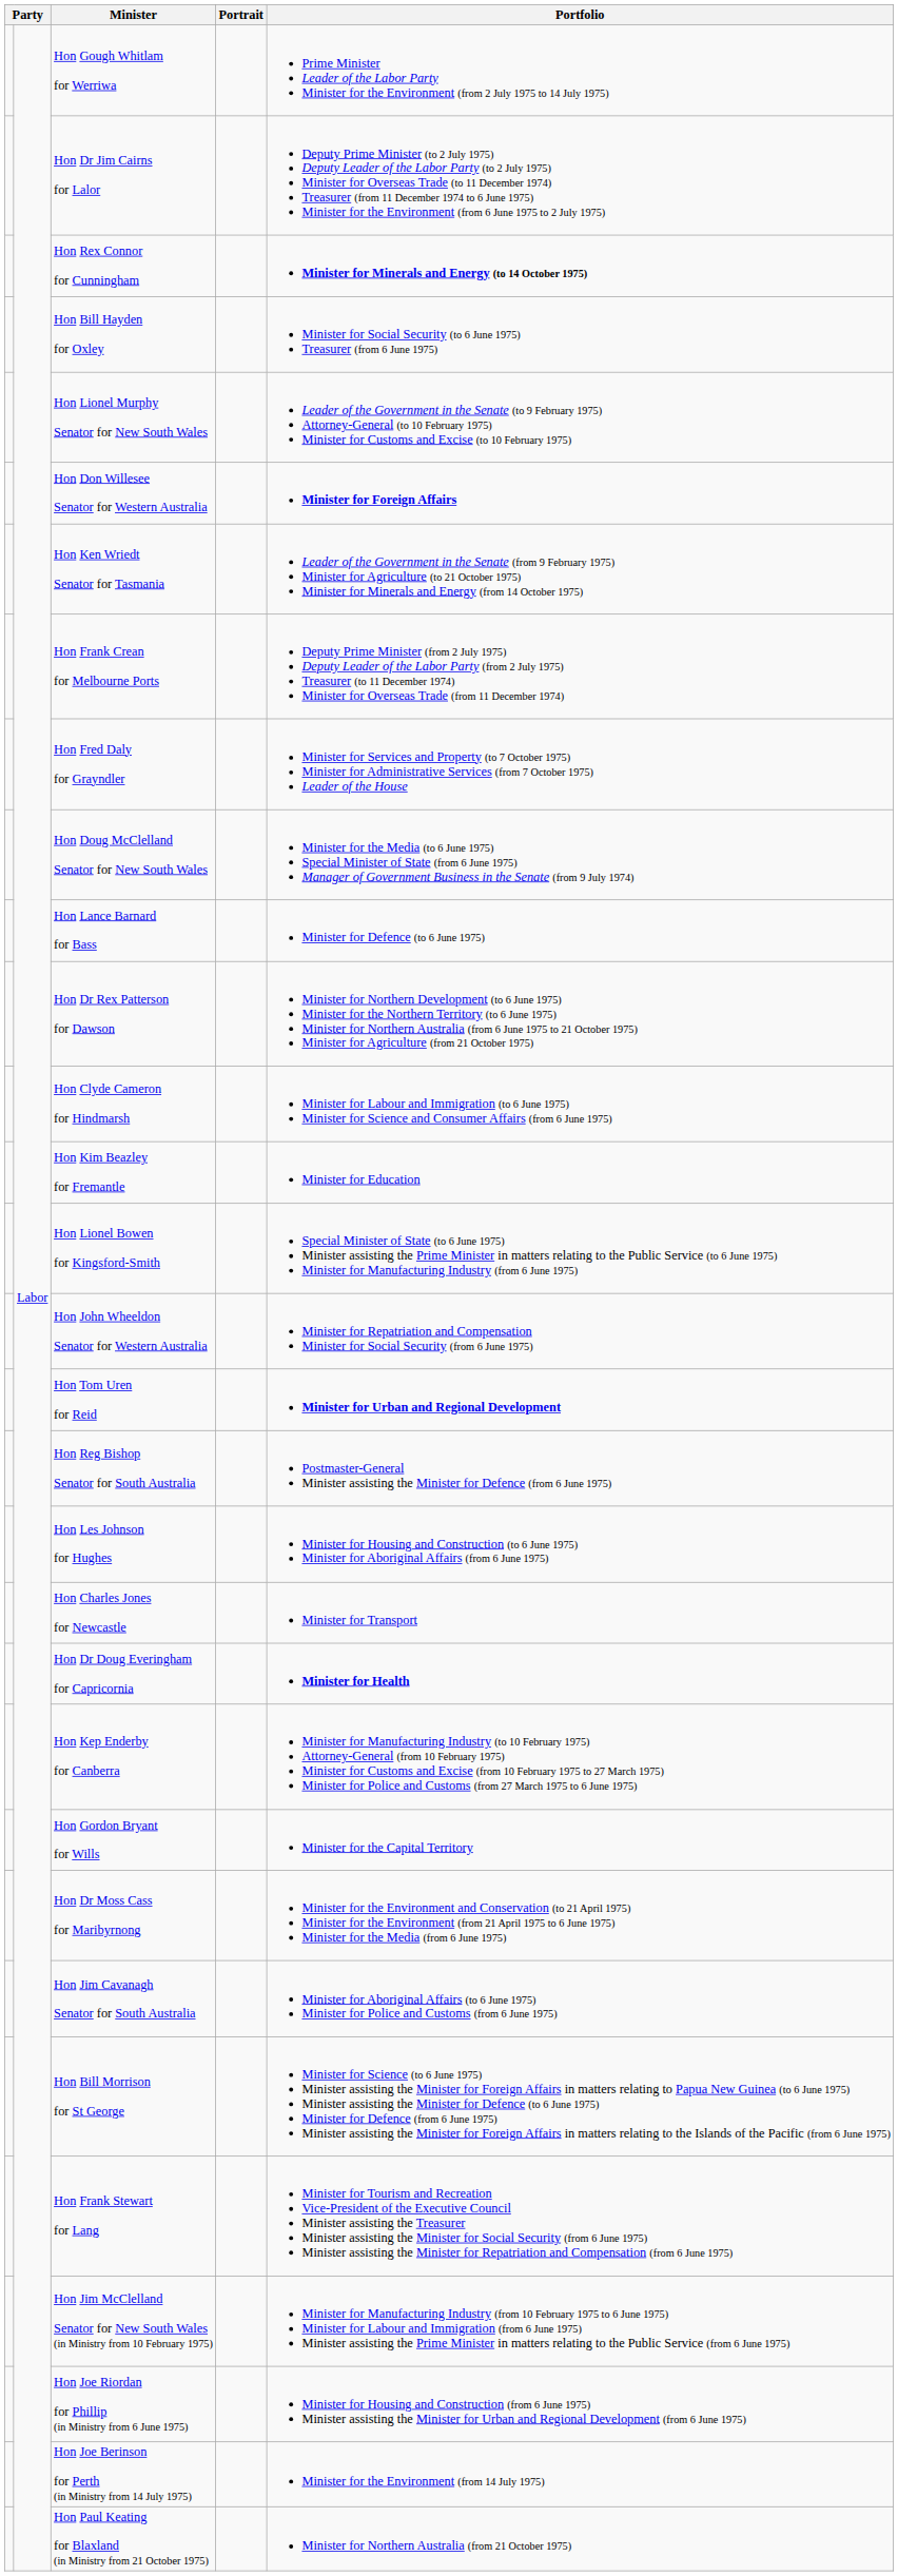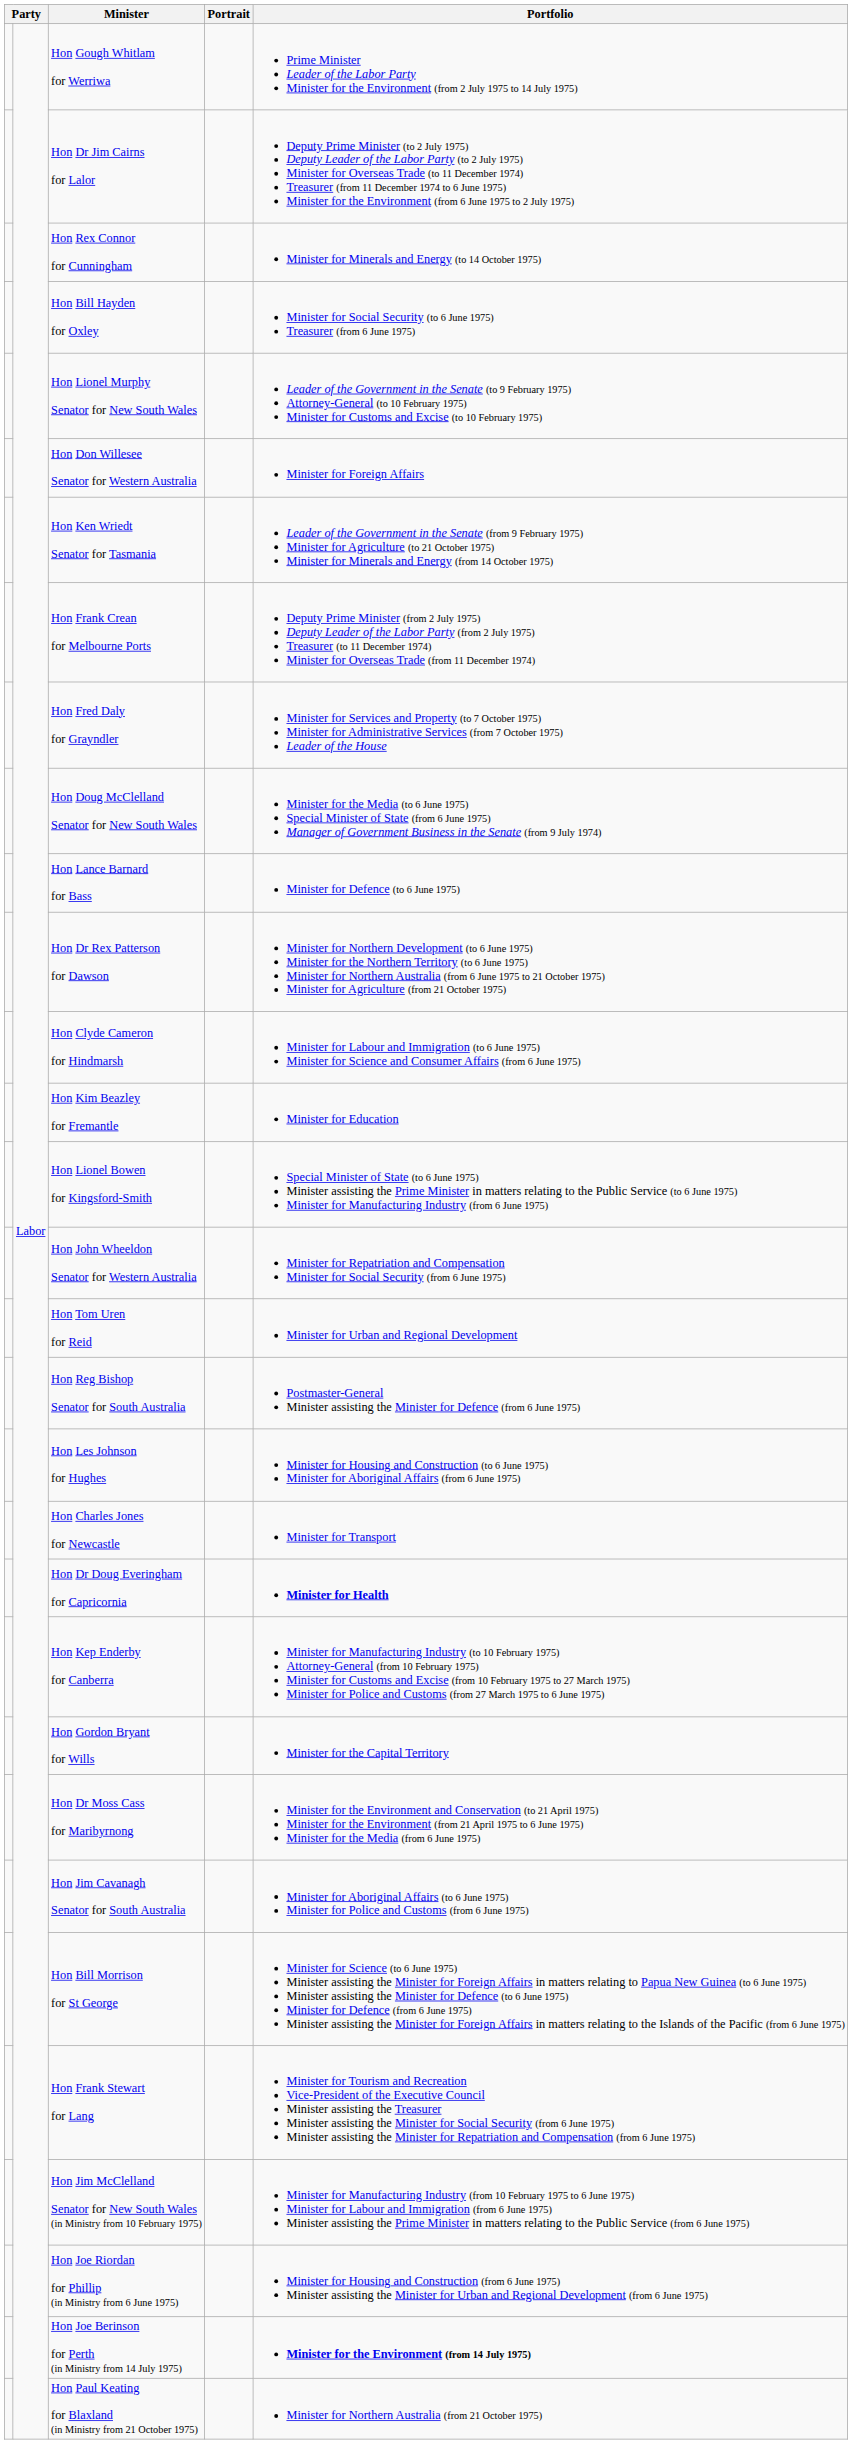 <table class="wikitable sortable">
 <tr>
 <th colspan="2">Party</th>
 <th>Minister</th>
 <th>Portrait</th>
 <th>Portfolio</th>
 </tr>
 <tr>
 <td> </td>
 <td rowspan=31><a href='#'>Labor</a></td>
 <td><a href='#'>Hon</a> <a href='#'>Gough Whitlam</a>  <br><br> for <a href='#'>Werriwa</a> <br></td>
 <td></td>
 <td><br><ul><li><a href='#'>Prime Minister</a></li><li><em><a href='#'>Leader of the Labor Party</a></em></li><li><a href='#'>Minister for the Environment</a> <small>(from 2 July 1975 to 14 July 1975)</small></li></ul></td>
 </tr>
 <tr>
 <td> </td>
 <td><a href='#'>Hon</a> <a href='#'>Dr Jim Cairns</a> <br><br> for <a href='#'>Lalor</a> <br></td>
 <td></td>
 <td><br><ul><li><a href='#'>Deputy Prime Minister</a> <small>(to 2 July 1975)</small></li><li><em><a href='#'>Deputy Leader of the Labor Party</a></em> <small>(to 2 July 1975)</small></li><li><a href='#'>Minister for Overseas Trade</a> <small>(to 11 December 1974)</small></li><li><a href='#'>Treasurer</a> <small>(from 11 December 1974 to 6 June 1975)</small></li><li><a href='#'>Minister for the Environment</a> <small>(from 6 June 1975 to 2 July 1975)</small></li></ul></td>
 </tr>
 <tr>
 <td> </td>
 <td><a href='#'>Hon</a> <a href='#'>Rex Connor</a> <br><br> for <a href='#'>Cunningham</a> <br></td>
 <td></td>
-<td><strong><br><ul><li><a href='#'>Minister for Minerals and Energy</a> <small>(to 14 October 1975)</small></li></ul></strong></td>
+<td><br><ul><li><a href='#'>Minister for Minerals and Energy</a> <small>(to 14 October 1975)</small></li></ul></td>
 </tr>
 <tr>
 <td> </td>
 <td><a href='#'>Hon</a> <a href='#'>Bill Hayden</a> <br><br> for <a href='#'>Oxley</a> <br></td>
 <td></td>
 <td><br><ul><li><a href='#'>Minister for Social Security</a> <small>(to 6 June 1975)</small></li><li><a href='#'>Treasurer</a> <small>(from 6 June 1975)</small></li></ul></td>
 </tr>
 <tr>
 <td> </td>
 <td><a href='#'>Hon</a> <a href='#'>Lionel Murphy</a>  <br><br><a href='#'>Senator</a> for <a href='#'>New South Wales</a> <br></td>
 <td></td>
 <td><br><ul><li><em><a href='#'>Leader of the Government in the Senate</a></em> <small>(to 9 February 1975)</small></li><li><a href='#'>Attorney-General</a> <small>(to 10 February 1975)</small></li><li><a href='#'>Minister for Customs and Excise</a> <small>(to 10 February 1975)</small></li></ul></td>
 </tr>
 <tr>
 <td> </td>
 <td><a href='#'>Hon</a> <a href='#'>Don Willesee</a> <br><br><a href='#'>Senator</a> for <a href='#'>Western Australia</a> <br></td>
 <td></td>
-<td><strong><br><ul><li><a href='#'>Minister for Foreign Affairs</a></li></ul></strong></td>
+<td><br><ul><li><a href='#'>Minister for Foreign Affairs</a></li></ul></td>
 </tr>
 <tr>
 <td> </td>
 <td><a href='#'>Hon</a> <a href='#'>Ken Wriedt</a> <br><br><a href='#'>Senator</a> for <a href='#'>Tasmania</a> <br></td>
 <td></td>
 <td><br><ul><li><em><a href='#'>Leader of the Government in the Senate</a></em> <small>(from 9 February 1975)</small></li><li><a href='#'>Minister for Agriculture</a> <small>(to 21 October 1975)</small></li><li><a href='#'>Minister for Minerals and Energy</a> <small>(from 14 October 1975)</small></li></ul></td>
 </tr>
 <tr>
 <td> </td>
 <td><a href='#'>Hon</a> <a href='#'>Frank Crean</a> <br><br> for <a href='#'>Melbourne Ports</a> <br></td>
 <td></td>
 <td><br><ul><li><a href='#'>Deputy Prime Minister</a> <small>(from 2 July 1975)</small></li><li><em><a href='#'>Deputy Leader of the Labor Party</a></em> <small>(from 2 July 1975)</small></li><li><a href='#'>Treasurer</a> <small>(to 11 December 1974)</small></li><li><a href='#'>Minister for Overseas Trade</a> <small>(from 11 December 1974)</small></li></ul></td>
 </tr>
 <tr>
 <td> </td>
 <td><a href='#'>Hon</a> <a href='#'>Fred Daly</a> <br><br> for <a href='#'>Grayndler</a> <br></td>
 <td></td>
 <td><br><ul><li><a href='#'>Minister for Services and Property</a> <small>(to 7 October 1975)</small></li><li><a href='#'>Minister for Administrative Services</a> <small>(from 7 October 1975)</small></li><li><em><a href='#'>Leader of the House</a></em></li></ul></td>
 </tr>
 <tr>
 <td> </td>
 <td><a href='#'>Hon</a> <a href='#'>Doug McClelland</a> <br><br><a href='#'>Senator</a> for <a href='#'>New South Wales</a> <br></td>
 <td></td>
 <td><br><ul><li><a href='#'>Minister for the Media</a> <small>(to 6 June 1975)</small></li><li><a href='#'>Special Minister of State</a> <small>(from 6 June 1975)</small></li><li><em><a href='#'>Manager of Government Business in the Senate</a></em> <small>(from 9 July 1974)</small></li></ul></td>
 </tr>
 <tr>
 <td> </td>
 <td><a href='#'>Hon</a> <a href='#'>Lance Barnard</a> <br><br> for <a href='#'>Bass</a> <br></td>
 <td></td>
 <td><br><ul><li><a href='#'>Minister for Defence</a> <small>(to 6 June 1975)</small></li></ul></td>
 </tr>
 <tr>
 <td> </td>
 <td><a href='#'>Hon</a> <a href='#'>Dr Rex Patterson</a> <br><br> for <a href='#'>Dawson</a> <br></td>
 <td></td>
 <td><br><ul><li><a href='#'>Minister for Northern Development</a> <small>(to 6 June 1975)</small></li><li><a href='#'>Minister for the Northern Territory</a> <small>(to 6 June 1975)</small></li><li><a href='#'>Minister for Northern Australia</a> <small>(from 6 June 1975 to 21 October 1975)</small></li><li><a href='#'>Minister for Agriculture</a> <small>(from 21 October 1975)</small></li></ul></td>
 </tr>
 <tr>
 <td> </td>
 <td><a href='#'>Hon</a> <a href='#'>Clyde Cameron</a> <br><br> for <a href='#'>Hindmarsh</a> <br></td>
 <td></td>
 <td><br><ul><li><a href='#'>Minister for Labour and Immigration</a> <small>(to 6 June 1975)</small></li><li><a href='#'>Minister for Science and Consumer Affairs</a> <small>(from 6 June 1975)</small></li></ul></td>
 </tr>
 <tr>
 <td> </td>
 <td><a href='#'>Hon</a> <a href='#'>Kim Beazley</a> <br><br> for <a href='#'>Fremantle</a> <br></td>
 <td></td>
 <td><br><ul><li><a href='#'>Minister for Education</a></li></ul></td>
 </tr>
 <tr>
 <td> </td>
 <td><a href='#'>Hon</a> <a href='#'>Lionel Bowen</a> <br><br> for <a href='#'>Kingsford-Smith</a> <br></td>
 <td></td>
 <td><br><ul><li><a href='#'>Special Minister of State</a> <small>(to 6 June 1975)</small></li><li>Minister assisting the <a href='#'>Prime Minister</a> in matters relating to the Public Service <small>(to 6 June 1975)</small></li><li><a href='#'>Minister for Manufacturing Industry</a> <small>(from 6 June 1975)</small></li></ul></td>
 </tr>
 <tr>
 <td> </td>
 <td><a href='#'>Hon</a> <a href='#'>John Wheeldon</a> <br><br><a href='#'>Senator</a> for <a href='#'>Western Australia</a> <br></td>
 <td></td>
 <td><br><ul><li><a href='#'>Minister for Repatriation and Compensation</a></li><li><a href='#'>Minister for Social Security</a> <small>(from 6 June 1975)</small></li></ul></td>
 </tr>
 <tr>
 <td> </td>
 <td><a href='#'>Hon</a> <a href='#'>Tom Uren</a> <br><br> for <a href='#'>Reid</a> <br></td>
 <td></td>
-<td><strong><br><ul><li><a href='#'>Minister for Urban and Regional Development</a></li></ul></strong></td>
+<td><br><ul><li><a href='#'>Minister for Urban and Regional Development</a></li></ul></td>
 </tr>
 <tr>
 <td> </td>
 <td><a href='#'>Hon</a> <a href='#'>Reg Bishop</a> <br><br><a href='#'>Senator</a> for <a href='#'>South Australia</a> <br></td>
 <td></td>
 <td><br><ul><li><a href='#'>Postmaster-General</a></li><li>Minister assisting the <a href='#'>Minister for Defence</a> <small>(from 6 June 1975)</small></li></ul></td>
 </tr>
 <tr>
 <td> </td>
 <td><a href='#'>Hon</a> <a href='#'>Les Johnson</a> <br><br> for <a href='#'>Hughes</a> <br></td>
 <td></td>
 <td><br><ul><li><a href='#'>Minister for Housing and Construction</a> <small>(to 6 June 1975)</small></li><li><a href='#'>Minister for Aboriginal Affairs</a> <small>(from 6 June 1975)</small></li></ul></td>
 </tr>
 <tr>
 <td> </td>
 <td><a href='#'>Hon</a> <a href='#'>Charles Jones</a> <br><br> for <a href='#'>Newcastle</a> <br></td>
 <td></td>
 <td><br><ul><li><a href='#'>Minister for Transport</a></li></ul></td>
 </tr>
 <tr>
 <td> </td>
 <td><a href='#'>Hon</a> <a href='#'>Dr Doug Everingham</a> <br><br> for <a href='#'>Capricornia</a> <br></td>
 <td></td>
 <td><strong><br><ul><li><a href='#'>Minister for Health</a></li></ul></strong></td>
 </tr>
 <tr>
 <td> </td>
 <td><a href='#'>Hon</a> <a href='#'>Kep Enderby</a>  <br><br> for <a href='#'>Canberra</a> <br></td>
 <td></td>
 <td><br><ul><li><a href='#'>Minister for Manufacturing Industry</a> <small>(to 10 February 1975)</small></li><li><a href='#'>Attorney-General</a> <small>(from 10 February 1975)</small></li><li><a href='#'>Minister for Customs and Excise</a> <small>(from 10 February 1975 to 27 March 1975)</small></li><li><a href='#'>Minister for Police and Customs</a> <small>(from 27 March 1975 to 6 June 1975)</small></li></ul></td>
 </tr>
 <tr>
 <td> </td>
 <td><a href='#'>Hon</a> <a href='#'>Gordon Bryant</a> <br><br> for <a href='#'>Wills</a> <br></td>
 <td></td>
 <td><br><ul><li><a href='#'>Minister for the Capital Territory</a></li></ul></td>
 </tr>
 <tr>
 <td> </td>
 <td><a href='#'>Hon</a> <a href='#'>Dr Moss Cass</a> <br><br> for <a href='#'>Maribyrnong</a> <br></td>
 <td></td>
 <td><br><ul><li><a href='#'>Minister for the Environment and Conservation</a> <small>(to 21 April 1975)</small></li><li><a href='#'>Minister for the Environment</a> <small>(from 21 April 1975 to 6 June 1975)</small></li><li><a href='#'>Minister for the Media</a> <small>(from 6 June 1975)</small></li></ul></td>
 </tr>
 <tr>
 <td> </td>
 <td><a href='#'>Hon</a> <a href='#'>Jim Cavanagh</a> <br><br><a href='#'>Senator</a> for <a href='#'>South Australia</a> <br></td>
 <td></td>
 <td><br><ul><li><a href='#'>Minister for Aboriginal Affairs</a> <small>(to 6 June 1975)</small></li><li><a href='#'>Minister for Police and Customs</a> <small>(from 6 June 1975)</small></li></ul></td>
 </tr>
 <tr>
 <td> </td>
 <td><a href='#'>Hon</a> <a href='#'>Bill Morrison</a> <br><br> for <a href='#'>St George</a> <br></td>
 <td></td>
 <td><br><ul><li><a href='#'>Minister for Science</a> <small>(to 6 June 1975)</small></li><li>Minister assisting the <a href='#'>Minister for Foreign Affairs</a> in matters relating to <a href='#'>Papua New Guinea</a> <small>(to 6 June 1975)</small></li><li>Minister assisting the <a href='#'>Minister for Defence</a> <small>(to 6 June 1975)</small></li><li><a href='#'>Minister for Defence</a> <small>(from 6 June 1975)</small></li><li>Minister assisting the <a href='#'>Minister for Foreign Affairs</a> in matters relating to the Islands of the Pacific <small>(from 6 June 1975)</small></li></ul></td>
 </tr>
 <tr>
 <td> </td>
 <td><a href='#'>Hon</a> <a href='#'>Frank Stewart</a> <br><br> for <a href='#'>Lang</a> <br></td>
 <td></td>
 <td><br><ul><li><a href='#'>Minister for Tourism and Recreation</a></li><li><a href='#'>Vice-President of the Executive Council</a></li><li>Minister assisting the <a href='#'>Treasurer</a></li><li>Minister assisting the <a href='#'>Minister for Social Security</a> <small>(from 6 June 1975)</small></li><li>Minister assisting the <a href='#'>Minister for Repatriation and Compensation</a> <small>(from 6 June 1975)</small></li></ul></td>
 </tr>
 <tr>
 <td> </td>
 <td><a href='#'>Hon</a> <a href='#'>Jim McClelland</a> <br><br><a href='#'>Senator</a> for <a href='#'>New South Wales</a> <br> <small>(in Ministry from 10 February 1975)</small></td>
 <td></td>
 <td><br><ul><li><a href='#'>Minister for Manufacturing Industry</a> <small>(from 10 February 1975 to 6 June 1975)</small></li><li><a href='#'>Minister for Labour and Immigration</a> <small>(from 6 June 1975)</small></li><li>Minister assisting the <a href='#'>Prime Minister</a> in matters relating to the Public Service <small>(from 6 June 1975)</small></li></ul></td>
 </tr>
 <tr>
 <td> </td>
 <td><a href='#'>Hon</a> <a href='#'>Joe Riordan</a> <br><br> for <a href='#'>Phillip</a> <br> <small>(in Ministry from 6 June 1975)</small></td>
 <td></td>
 <td><br><ul><li><a href='#'>Minister for Housing and Construction</a> <small>(from 6 June 1975)</small></li><li>Minister assisting the <a href='#'>Minister for Urban and Regional Development</a> <small>(from 6 June 1975)</small></li></ul></td>
 </tr>
 <tr>
 <td> </td>
 <td><a href='#'>Hon</a> <a href='#'>Joe Berinson</a> <br><br> for <a href='#'>Perth</a> <br> <small>(in Ministry from 14 July 1975)</small></td>
 <td></td>
-<td><br><ul><li><a href='#'>Minister for the Environment</a> <small>(from 14 July 1975)</small></li></ul></td>
+<td><strong><br><ul><li><a href='#'>Minister for the Environment</a> <small>(from 14 July 1975)</small></li></ul></strong></td>
 </tr>
 <tr>
 <td> </td>
 <td><a href='#'>Hon</a> <a href='#'>Paul Keating</a> <br><br> for <a href='#'>Blaxland</a> <br> <small>(in Ministry from 21 October 1975)</small></td>
 <td></td>
 <td><br><ul><li><a href='#'>Minister for Northern Australia</a> <small>(from 21 October 1975)</small></li></ul></td>
 </tr>
 </table>
